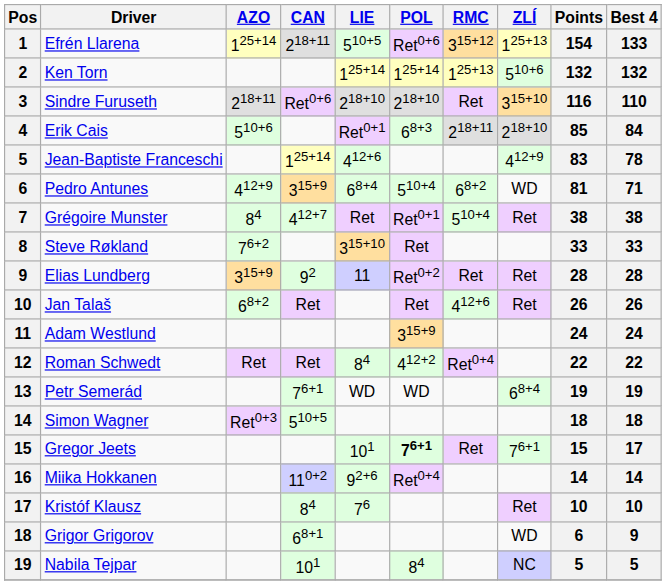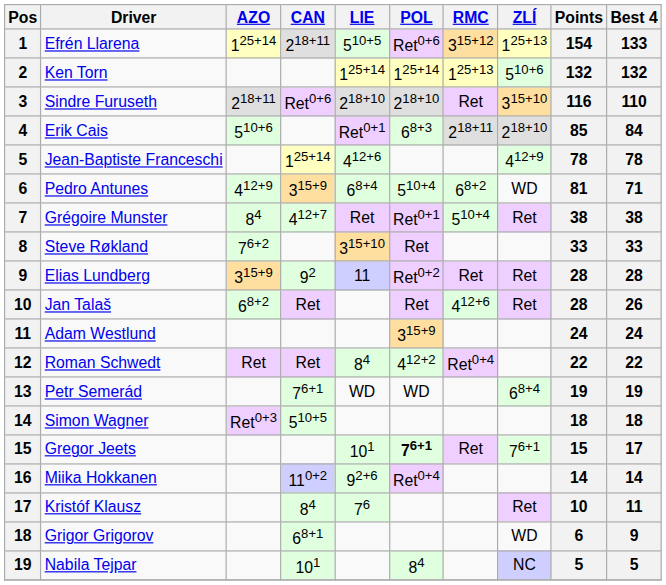 <table class="wikitable" style="font-size: 85%; text-align: center;">
 <tr valign="top">
 <th valign="middle">Pos</th>
 <th valign="middle">Driver</th>
 <th><a href='#'>AZO</a><br></th>
 <th><a href='#'>CAN</a><br></th>
 <th><a href='#'>LIE</a><br></th>
 <th><a href='#'>POL</a><br></th>
 <th><a href='#'>RMC</a><br></th>
 <th><a href='#'>ZLÍ</a><br></th>
 <th valign="middle">Points</th>
 <th valign="middle">Best 4</th>
 </tr>
 <tr>
 <th>1</th>
 <td align=left> <a href='#'>Efrén Llarena</a></td>
 <td style="background:#ffffbf;">1<sup>25+14</sup></td>
 <td style="background:#dfdfdf;">2<sup>18+11</sup></td>
 <td style="background:#dfffdf;">5<sup>10+5</sup></td>
 <td style="background:#efcfff;">Ret<sup>0+6</sup></td>
 <td style="background:#ffdf9f;">3<sup>15+12</sup></td>
 <td style="background:#ffffbf;">1<sup>25+13</sup></td>
 <th>154</th>
 <th>133</th>
 </tr>
 <tr>
 <th>2</th>
 <td align=left> <a href='#'>Ken Torn</a></td>
 <td></td>
 <td></td>
 <td style="background:#ffffbf;">1<sup>25+14</sup></td>
 <td style="background:#ffffbf;">1<sup>25+14</sup></td>
 <td style="background:#ffffbf;">1<sup>25+13</sup></td>
 <td style="background:#dfffdf;">5<sup>10+6</sup></td>
 <th>132</th>
 <th>132</th>
 </tr>
 <tr>
 <th>3</th>
 <td align=left> <a href='#'>Sindre Furuseth</a></td>
 <td style="background:#dfdfdf;">2<sup>18+11</sup></td>
 <td style="background:#efcfff;">Ret<sup>0+6</sup></td>
 <td style="background:#dfdfdf;">2<sup>18+10</sup></td>
 <td style="background:#dfdfdf;">2<sup>18+10</sup></td>
 <td style="background:#efcfff;">Ret</td>
 <td style="background:#ffdf9f;">3<sup>15+10</sup></td>
 <th>116</th>
 <th>110</th>
 </tr>
 <tr>
 <th>4</th>
 <td align=left> <a href='#'>Erik Cais</a></td>
 <td style="background:#dfffdf;">5<sup>10+6</sup></td>
 <td></td>
 <td style="background:#efcfff;">Ret<sup>0+1</sup></td>
 <td style="background:#dfffdf;">6<sup>8+3</sup></td>
 <td style="background:#dfdfdf;">2<sup>18+11</sup></td>
 <td style="background:#dfdfdf;">2<sup>18+10</sup></td>
 <th>85</th>
 <th>84</th>
 </tr>
 <tr>
 <th>5</th>
 <td align=left> <a href='#'>Jean-Baptiste Franceschi</a></td>
 <td></td>
 <td style="background:#ffffbf;">1<sup>25+14</sup></td>
 <td style="background:#dfffdf;">4<sup>12+6</sup></td>
 <td></td>
 <td></td>
 <td style="background:#dfffdf;">4<sup>12+9</sup></td>
-<th>83</th>
+<th>78</th>
 <th>78</th>
 </tr>
 <tr>
 <th>6</th>
 <td align=left> <a href='#'>Pedro Antunes</a></td>
 <td style="background:#dfffdf;">4<sup>12+9</sup></td>
 <td style="background:#ffdf9f;">3<sup>15+9</sup></td>
 <td style="background:#dfffdf;">6<sup>8+4</sup></td>
 <td style="background:#dfffdf;">5<sup>10+4</sup></td>
 <td style="background:#dfffdf;">6<sup>8+2</sup></td>
 <td>WD</td>
 <th>81</th>
 <th>71</th>
 </tr>
 <tr>
 <th>7</th>
 <td align=left> <a href='#'>Grégoire Munster</a></td>
 <td style="background:#dfffdf;">8<sup>4</sup></td>
 <td style="background:#dfffdf;">4<sup>12+7</sup></td>
 <td style="background:#efcfff;">Ret</td>
 <td style="background:#efcfff;">Ret<sup>0+1</sup></td>
 <td style="background:#dfffdf;">5<sup>10+4</sup></td>
 <td style="background:#efcfff;">Ret</td>
 <th>38</th>
 <th>38</th>
 </tr>
 <tr>
 <th>8</th>
 <td align=left> <a href='#'>Steve Røkland</a></td>
 <td style="background:#dfffdf;">7<sup>6+2</sup></td>
 <td></td>
 <td style="background:#ffdf9f;">3<sup>15+10</sup></td>
 <td style="background:#efcfff;">Ret</td>
 <td></td>
 <td></td>
 <th>33</th>
 <th>33</th>
 </tr>
 <tr>
 <th>9</th>
 <td align=left> <a href='#'>Elias Lundberg</a></td>
 <td style="background:#ffdf9f;">3<sup>15+9</sup></td>
 <td style="background:#dfffdf;">9<sup>2</sup></td>
 <td style="background:#cfcfff;">11</td>
 <td style="background:#efcfff;">Ret<sup>0+2</sup></td>
 <td style="background:#efcfff;">Ret</td>
 <td style="background:#efcfff;#">Ret</td>
 <th>28</th>
 <th>28</th>
 </tr>
 <tr>
 <th>10</th>
 <td align=left> <a href='#'>Jan Talaš</a></td>
 <td style="background:#dfffdf;">6<sup>8+2</sup></td>
 <td style="background:#efcfff;">Ret</td>
 <td></td>
 <td style="background:#efcfff;">Ret</td>
 <td style="background:#dfffdf;">4<sup>12+6</sup></td>
 <td style="background:#efcfff;">Ret</td>
-<th>26</th>
+<th>28</th>
 <th>26</th>
 </tr>
 <tr>
 <th>11</th>
 <td align=left> <a href='#'>Adam Westlund</a></td>
 <td></td>
 <td></td>
 <td></td>
 <td style="background:#ffdf9f;">3<sup>15+9</sup></td>
 <td></td>
 <td></td>
 <th>24</th>
 <th>24</th>
 </tr>
 <tr>
 <th>12</th>
 <td align=left> <a href='#'>Roman Schwedt</a></td>
 <td style="background:#efcfff;">Ret</td>
 <td style="background:#efcfff;">Ret</td>
 <td style="background:#dfffdf;">8<sup>4</sup></td>
 <td style="background:#dfffdf;">4<sup>12+2</sup></td>
 <td style="background:#efcfff;">Ret<sup>0+4</sup></td>
 <td></td>
 <th>22</th>
 <th>22</th>
 </tr>
 <tr>
 <th>13</th>
 <td align=left> <a href='#'>Petr Semerád</a></td>
 <td></td>
 <td style="background:#dfffdf;">7<sup>6+1</sup></td>
 <td>WD</td>
 <td>WD</td>
 <td></td>
 <td style="background:#dfffdf;">6<sup>8+4</sup></td>
 <th>19</th>
 <th>19</th>
 </tr>
 <tr>
 <th>14</th>
 <td align=left> <a href='#'>Simon Wagner</a></td>
 <td style="background:#efcfff;">Ret<sup>0+3</sup></td>
 <td style="background:#dfffdf;">5<sup>10+5</sup></td>
 <td></td>
 <td></td>
 <td></td>
 <td></td>
 <th>18</th>
 <th>18</th>
 </tr>
 <tr>
 <th>15</th>
 <td align=left> <a href='#'>Gregor Jeets</a></td>
 <td></td>
 <td></td>
 <td style="background:#dfffdf;">10<sup>1</sup></td>
 <td style="background:#dfffdf;"><strong>7<sup>6+1</sup></strong></td>
 <td style="background:#efcfff;">Ret</td>
 <td style="background:#dfffdf;">7<sup>6+1</sup></td>
 <th>15</th>
 <th>17</th>
 </tr>
 <tr>
 <th>16</th>
 <td align=left> <a href='#'>Miika Hokkanen</a></td>
 <td></td>
 <td style="background:#cfcfff;">11<sup>0+2</sup></td>
 <td style="background:#dfffdf;">9<sup>2+6</sup></td>
 <td style="background:#efcfff;">Ret<sup>0+4</sup></td>
 <td></td>
 <td></td>
 <th>14</th>
 <th>14</th>
 </tr>
 <tr>
 <th>17</th>
 <td align=left> <a href='#'>Kristóf Klausz</a></td>
 <td></td>
 <td style="background:#dfffdf;">8<sup>4</sup></td>
 <td style="background:#dfffdf;">7<sup>6</sup></td>
 <td></td>
 <td></td>
 <td style="background:#efcfff;">Ret</td>
 <th>10</th>
-<th>10</th>
+<th>11</th>
 </tr>
 <tr>
 <th>18</th>
 <td align=left> <a href='#'>Grigor Grigorov</a></td>
 <td></td>
 <td style="background:#dfffdf;">6<sup>8+1</sup></td>
 <td></td>
 <td></td>
 <td></td>
 <td>WD</td>
 <th>6</th>
 <th>9</th>
 </tr>
 <tr>
 <th>19</th>
 <td align=left> <a href='#'>Nabila Tejpar</a></td>
 <td></td>
 <td style="background:#dfffdf;">10<sup>1</sup></td>
 <td></td>
 <td style="background:#dfffdf;">8<sup>4</sup></td>
 <td></td>
 <td style="background:#cfcfff;">NC</td>
 <th>5</th>
 <th>5</th>
 </tr>
 <tr>
 </tr>
 </table>
